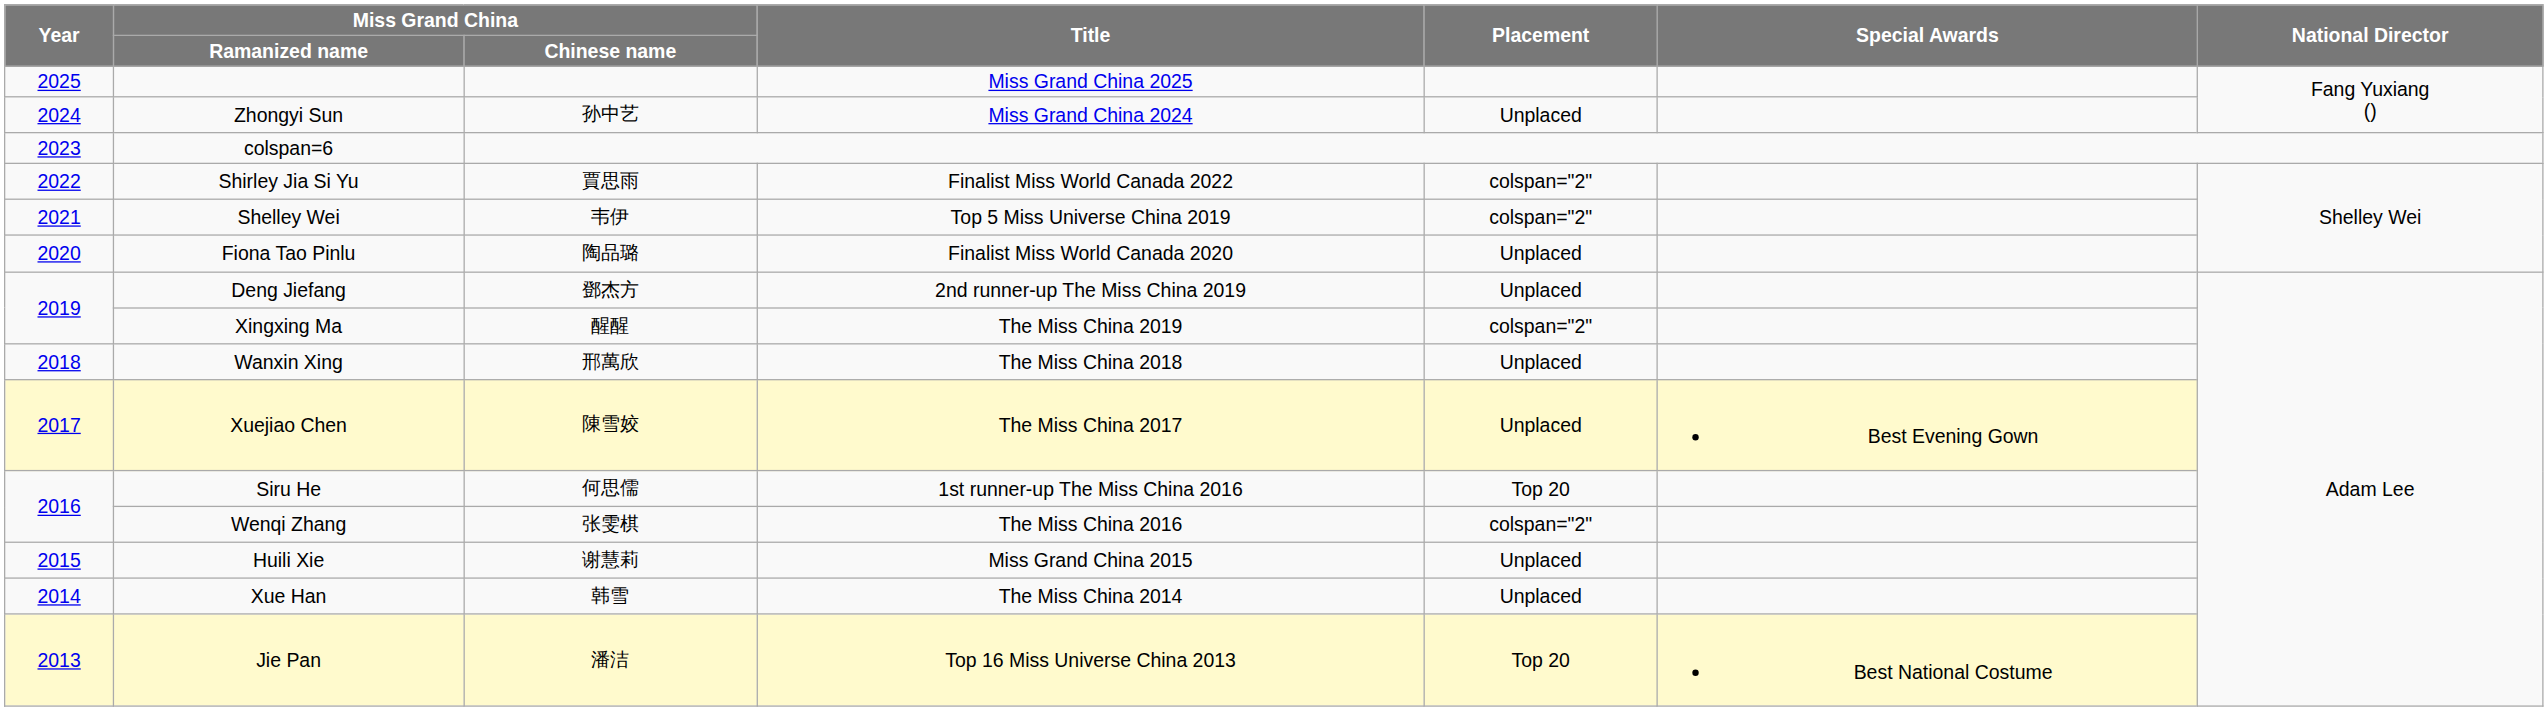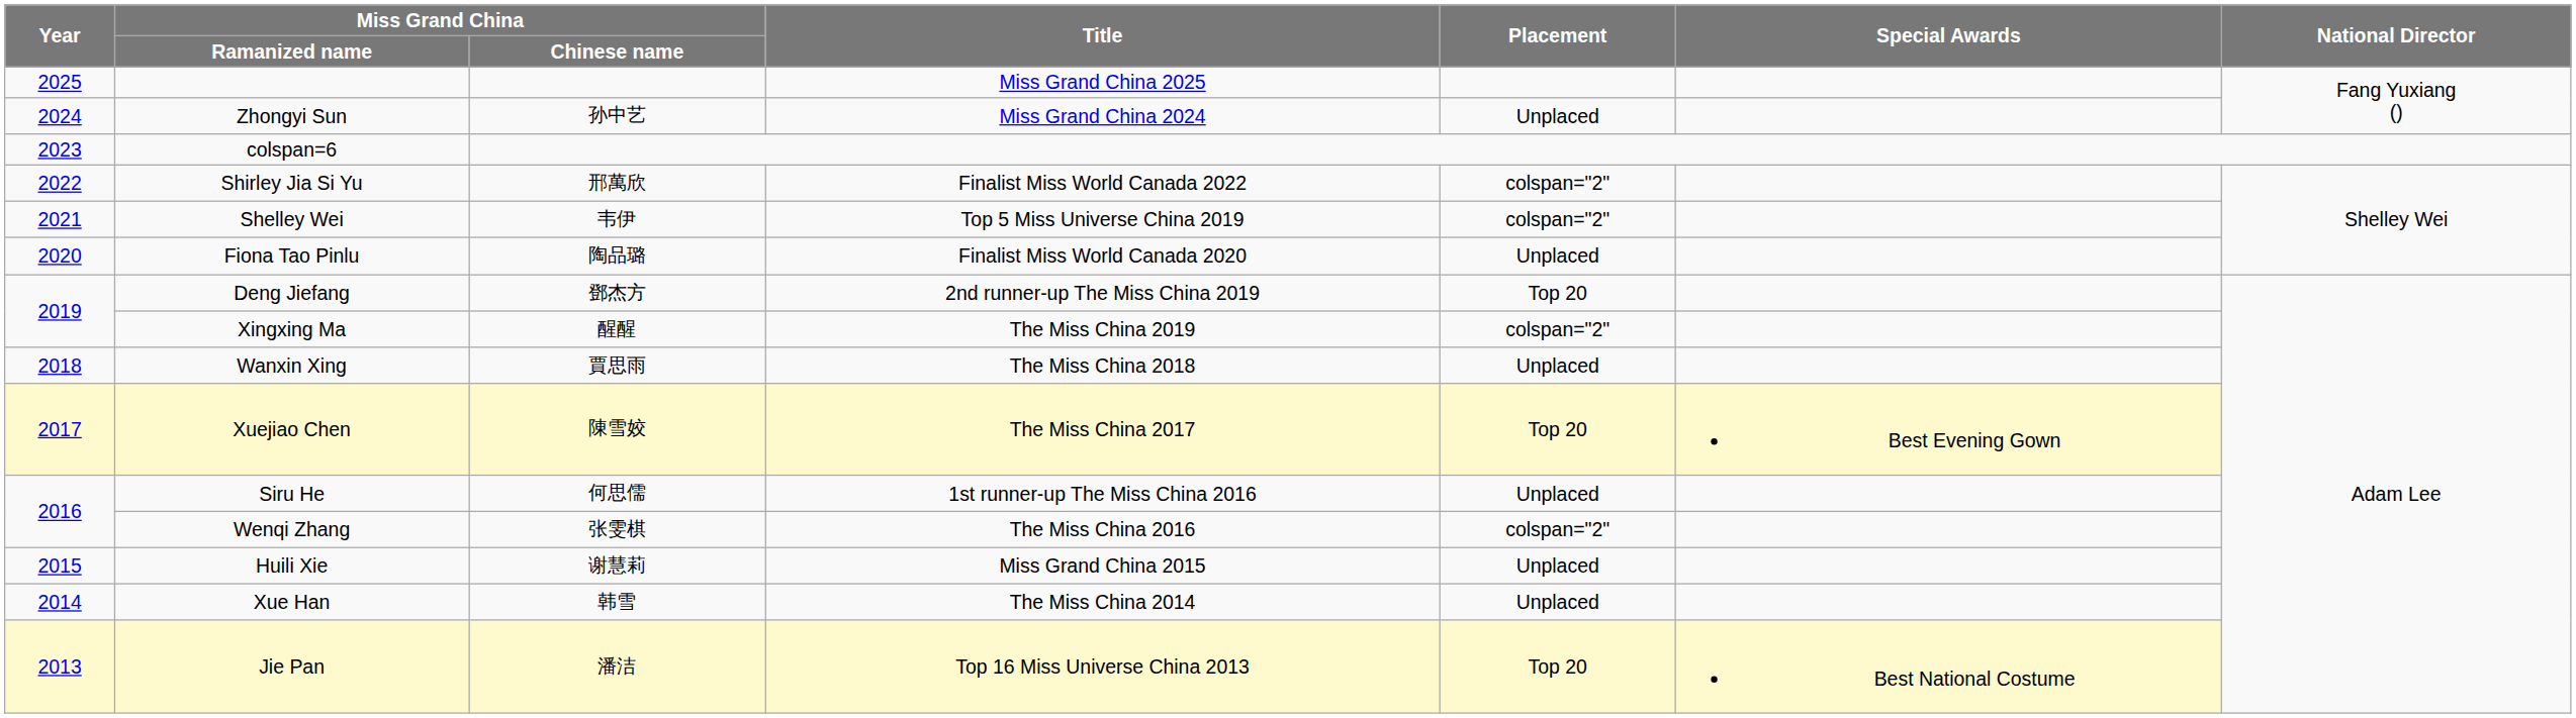 <table class="wikitable" style="font-size: 95%; text-align:center; width:100%">
 <tr>
 <th rowspan=2 style="background-color:#787878;color:#FFFFFF;">Year</th>
 <th colspan=2 style="background-color:#787878;color:#FFFFFF;">Miss Grand China</th>
 <th rowspan=2 style="background-color:#787878;color:#FFFFFF;">Title</th>
 <th rowspan=2 style="background-color:#787878;color:#FFFFFF;">Placement</th>
 <th rowspan=2 style="background-color:#787878;color:#FFFFFF;">Special Awards</th>
 <th rowspan=2 style="background-color:#787878;color:#FFFFFF;">National Director</th>
 </tr>
 <tr>
 <th style="background-color:#787878;color:#FFFFFF;">Ramanized name</th>
 <th style="background-color:#787878;color:#FFFFFF;">Chinese name</th>
 </tr>
 <tr>
 <td><a href='#'>2025</a></td>
 <td></td>
 <td></td>
 <td><a href='#'>Miss Grand China 2025</a></td>
 <td></td>
 <td></td>
 <td rowspan=2>Fang Yuxiang<br>()</td>
 </tr>
 <tr>
 <td><a href='#'>2024</a></td>
 <td>Zhongyi Sun</td>
 <td>孙中艺</td>
 <td><a href='#'>Miss Grand China 2024</a></td>
 <td>Unplaced</td>
 <td></td>
 </tr>
 <tr>
 <td><a href='#'>2023</a></td>
 <td>colspan=6 </td>
 </tr>
 <tr>
 <td><a href='#'>2022</a></td>
 <td>Shirley Jia Si Yu</td>
-<td>賈思雨</td>
+<td>邢萬欣</td>
 <td>Finalist Miss World Canada 2022</td>
 <td>colspan="2" </td>
 <td></td>
 <td rowspan=3>Shelley Wei</td>
 </tr>
 <tr>
 <td><a href='#'>2021</a></td>
 <td>Shelley Wei</td>
 <td>韦伊</td>
 <td>Top 5 Miss Universe China 2019</td>
 <td>colspan="2" </td>
 </tr>
 <tr>
 <td><a href='#'>2020</a></td>
 <td>Fiona Tao Pinlu</td>
 <td>陶品璐</td>
 <td>Finalist Miss World Canada 2020</td>
 <td>Unplaced</td>
 <td></td>
 </tr>
 <tr>
 <td rowspan=2><a href='#'>2019</a></td>
 <td>Deng Jiefang</td>
 <td>鄧杰方</td>
 <td>2nd runner-up The Miss China 2019</td>
-<td>Unplaced</td>
+<td>Top 20</td>
 <td></td>
 <td rowspan=9>Adam Lee</td>
 </tr>
 <tr>
 <td>Xingxing Ma</td>
 <td>醒醒</td>
 <td>The Miss China 2019</td>
 <td>colspan="2" </td>
 </tr>
 <tr>
 <td><a href='#'>2018</a></td>
 <td>Wanxin Xing</td>
-<td>邢萬欣</td>
+<td>賈思雨</td>
 <td>The Miss China 2018</td>
 <td>Unplaced</td>
 <td></td>
 </tr>
 <tr bgcolor=#FFFACD>
 <td><a href='#'>2017</a></td>
 <td>Xuejiao Chen</td>
 <td>陳雪姣</td>
 <td>The Miss China 2017</td>
-<td>Unplaced</td>
+<td>Top 20</td>
 <td><br><ul><li>Best Evening Gown</li></ul></td>
 </tr>
 <tr>
 <td rowspan=2><a href='#'>2016</a></td>
 <td>Siru He</td>
 <td>何思儒</td>
 <td>1st runner-up The Miss China 2016</td>
-<td>Top 20</td>
+<td>Unplaced</td>
 <td></td>
 </tr>
 <tr>
 <td>Wenqi Zhang</td>
 <td>张雯棋</td>
 <td>The Miss China 2016</td>
 <td>colspan="2" </td>
 </tr>
 <tr>
 <td><a href='#'>2015</a></td>
 <td>Huili Xie</td>
 <td>谢慧莉</td>
 <td>Miss Grand China 2015</td>
 <td>Unplaced</td>
 <td></td>
 </tr>
 <tr>
 <td><a href='#'>2014</a></td>
 <td>Xue Han</td>
 <td>韩雪</td>
 <td>The Miss China 2014</td>
 <td>Unplaced</td>
 <td></td>
 </tr>
 <tr bgcolor=#FFFACD>
 <td><a href='#'>2013</a></td>
 <td>Jie Pan</td>
 <td>潘洁</td>
 <td>Top 16 Miss Universe China 2013</td>
 <td>Top 20</td>
 <td><br><ul><li>Best National Costume</li></ul></td>
 </tr>
 </table>
